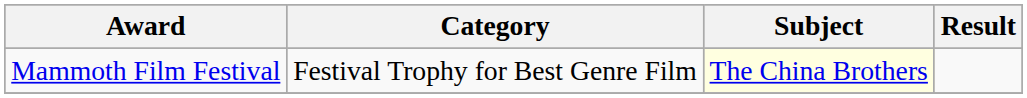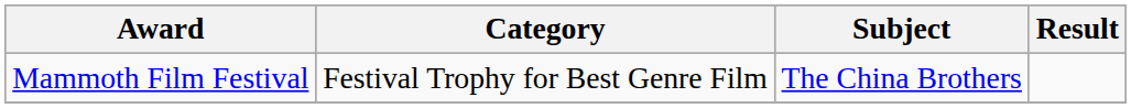 <table class="wikitable">
 <tr>
 <th>Award</th>
 <th>Category</th>
 <th>Subject</th>
 <th>Result</th>
 </tr>
 <tr>
 <td><a href='#'>Mammoth Film Festival</a></td>
 <td>Festival Trophy for Best Genre Film</td>
-<td style="background: lightyellow;"><a href='#'>The China Brothers</a></td>
+<td><a href='#'>The China Brothers</a></td>
 <td></td>
 </tr>
 <tr>
 </tr>
 </table>
